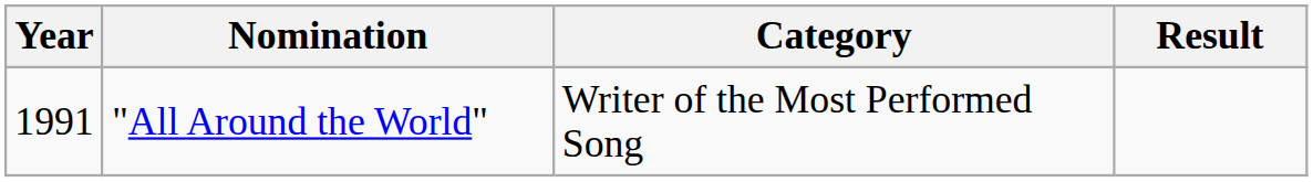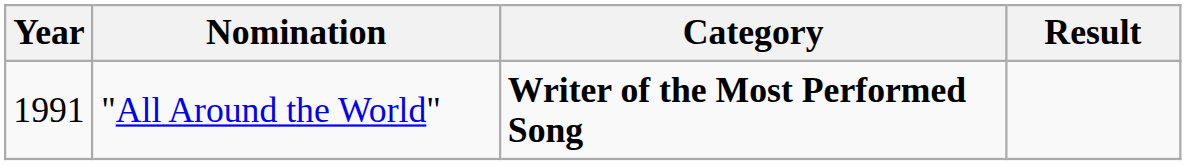 <table class="wikitable">
 <tr>
 <th width="30">Year</th>
 <th width="175">Nomination</th>
 <th width="220">Category</th>
 <th width="70">Result</th>
 </tr>
 <tr>
 <td>1991</td>
 <td>"<a href='#'>All Around the World</a>"</td>
-<td>Writer of the Most Performed Song</td>
+<td><strong>Writer of the Most Performed Song</strong></td>
 <td></td>
 </tr>
 </table>
